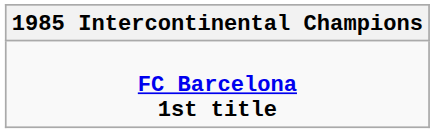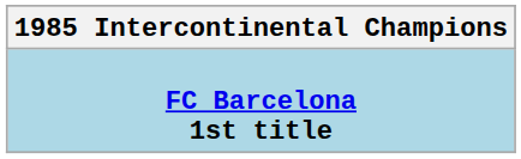 <table class=wikitable style="text-align:center; margin:auto">
 <tr>
 <th>1985 Intercontinental Champions</th>
 </tr>
 <tr>
-<td><br> <strong><a href='#'>FC Barcelona</a></strong> <br> <strong>1st title</strong></td>
+<td style="background: lightblue;"><br> <strong><a href='#'>FC Barcelona</a></strong> <br> <strong>1st title</strong></td>
 </tr>
 </table>
